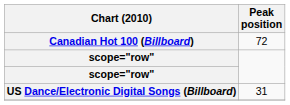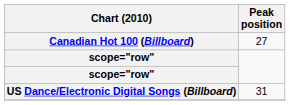 <table class="wikitable plainrowheaders">
 <tr>
 <th align="left">Chart (2010)</th>
 <th style="text-align:center;">Peak<br>position</th>
 </tr>
 <tr>
 <th scope="row"><a href='#'>Canadian Hot 100</a> (<em><a href='#'>Billboard</a></em>)</th>
-<td style="text-align:center;">72</td>
+<td style="text-align:center;">27</td>
 </tr>
 <tr>
 <th>scope="row" </th>
 </tr>
 <tr>
 <th>scope="row" </th>
 </tr>
 <tr>
 <th scope="row">US <a href='#'>Dance/Electronic Digital Songs</a> (<em>Billboard</em>)</th>
 <td style="text-align:center;">31</td>
 </tr>
 <tr>
 </tr>
 </table>
